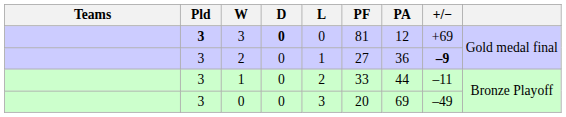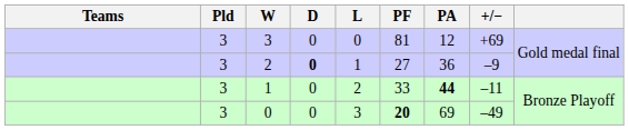 <table class="wikitable" style="text-align: center;">
 <tr>
 <th width="200">Teams</th>
 <th width="40">Pld</th>
 <th width="40">W</th>
 <th width="40">D</th>
 <th width="40">L</th>
 <th width="40">PF</th>
 <th width="40">PA</th>
 <th width="40">+/−</th>
 <th></th>
 </tr>
 <tr bgcolor="#ccf">
 <td align="left"></td>
-<td><strong>3</strong></td>
 <td>3</td>
-<td><strong>0</strong></td>
+<td>3</td>
+<td>0</td>
 <td>0</td>
 <td>81</td>
 <td>12</td>
 <td>+69</td>
 <td rowspan="2">Gold medal final</td>
 </tr>
 <tr bgcolor="#ccf">
 <td align="left"></td>
 <td>3</td>
 <td>2</td>
-<td>0</td>
+<td><strong>0</strong></td>
 <td>1</td>
 <td>27</td>
 <td>36</td>
-<td><strong>–9</strong></td>
+<td>–9</td>
 </tr>
 <tr bgcolor="#ccffcc">
 <td align="left"></td>
 <td>3</td>
 <td>1</td>
 <td>0</td>
 <td>2</td>
 <td>33</td>
-<td>44</td>
+<td><strong>44</strong></td>
 <td>–11</td>
 <td rowspan="2">Bronze Playoff</td>
 </tr>
 <tr bgcolor="#ccffcc">
 <td align="left"></td>
 <td>3</td>
 <td>0</td>
 <td>0</td>
 <td>3</td>
-<td>20</td>
+<td><strong>20</strong></td>
 <td>69</td>
 <td>–49</td>
 </tr>
 </table>
